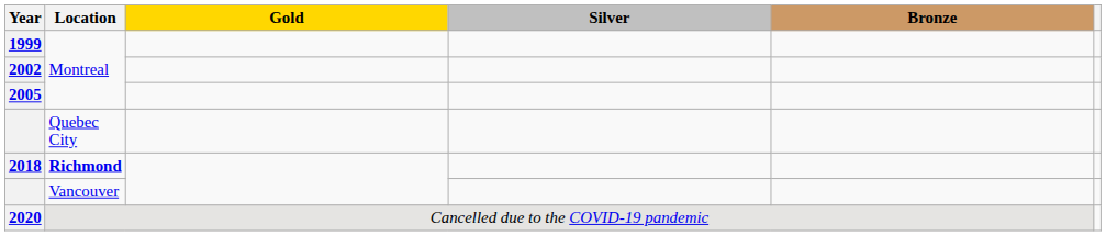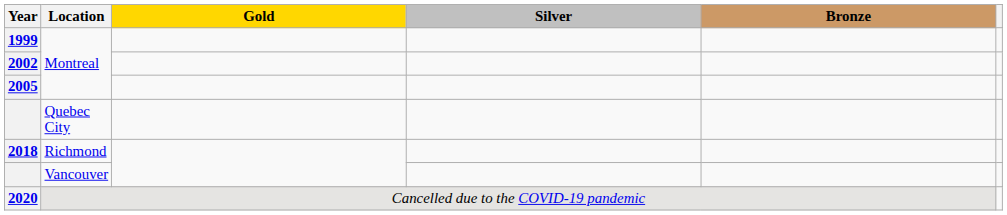 <table class="wikitable unsortable" style="text-align:left; width:85%">
 <tr>
 <th scope="col" style="text-align:center">Year</th>
 <th scope="col" style="text-align:center">Location</th>
 <td scope="col" style="text-align:center; width:30%; background:gold"><strong>Gold</strong></td>
 <td scope="col" style="text-align:center; width:30%; background:silver"><strong>Silver</strong></td>
 <td scope="col" style="text-align:center; width:30%; background:#c96"><strong>Bronze</strong></td>
 <th scope="col" style="text-align:center"></th>
 </tr>
 <tr>
 <th scope="row" style="text-align:left"><a href='#'>1999</a></th>
 <td rowspan="3"><a href='#'>Montreal</a></td>
 <td></td>
 <td></td>
 <td></td>
 <td></td>
 </tr>
 <tr>
 <th scope="row" style="text-align:left"><a href='#'>2002</a></th>
 <td></td>
 <td></td>
 <td></td>
 <td></td>
 </tr>
 <tr>
 <th scope="row" style="text-align:left"><a href='#'>2005</a></th>
 <td></td>
 <td></td>
 <td></td>
 <td></td>
 </tr>
 <tr>
 <th scope="row" style="text-align:left"></th>
 <td><a href='#'>Quebec City</a></td>
 <td></td>
 <td></td>
 <td></td>
 <td></td>
 </tr>
 <tr>
 <th scope="row" style="text-align:left"><a href='#'>2018</a></th>
-<td><strong><a href='#'>Richmond</a></strong></td>
+<td><a href='#'>Richmond</a></td>
 <td rowspan="2"></td>
 <td></td>
 <td></td>
 <td></td>
 </tr>
 <tr>
 <th scope="row" style="text-align:left"></th>
 <td><a href='#'>Vancouver</a></td>
 <td></td>
 <td></td>
 <td></td>
 </tr>
 <tr>
 <th scope="row" style="text-align:left"><a href='#'>2020</a></th>
 <td colspan="4" align="center" bgcolor="e5e4e2"><em>Cancelled due to the <a href='#'>COVID-19 pandemic</a></em></td>
 <td></td>
 </tr>
 </table>
